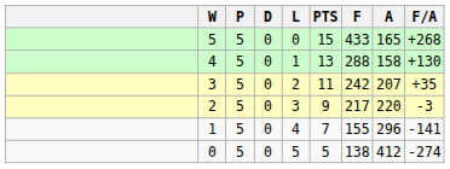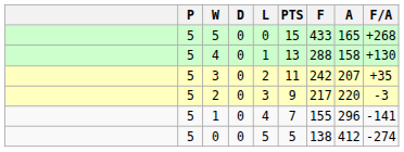 <table class=wikitable style="text-align:center">
 <tr>
 <th width=175></th>
+<th width=20>P</th>
 <th width=20>W</th>
-<th width=20>P</th>
 <th width=20>D</th>
 <th width=20>L</th>
 <th width=20>PTS</th>
 <th width=20>F</th>
 <th width=20>A</th>
 <th width=20>F/A</th>
 </tr>
 <tr style="background-color:#ccffcc;">
 <td style="text-align:left;"></td>
 <td>5</td>
 <td>5</td>
 <td>0</td>
 <td>0</td>
 <td>15</td>
 <td>433</td>
 <td>165</td>
 <td>+268</td>
 </tr>
 <tr style="background-color:#ccffcc;">
 <td style="text-align:left;"></td>
+<td>5</td>
 <td>4</td>
-<td>5</td>
 <td>0</td>
 <td>1</td>
 <td>13</td>
 <td>288</td>
 <td>158</td>
 <td>+130</td>
 </tr>
 <tr style="background:#FFFFBF;">
 <td style="text-align:left;"></td>
+<td>5</td>
 <td>3</td>
-<td>5</td>
 <td>0</td>
 <td>2</td>
 <td>11</td>
 <td>242</td>
 <td>207</td>
 <td>+35</td>
 </tr>
 <tr style="background:#FFFFBF;">
 <td style="text-align:left;"></td>
+<td>5</td>
 <td>2</td>
-<td>5</td>
 <td>0</td>
 <td>3</td>
 <td>9</td>
 <td>217</td>
 <td>220</td>
 <td>-3</td>
 </tr>
 <tr>
 <td style="text-align:left;"></td>
+<td>5</td>
 <td>1</td>
-<td>5</td>
 <td>0</td>
 <td>4</td>
 <td>7</td>
 <td>155</td>
 <td>296</td>
 <td>-141</td>
 </tr>
 <tr>
 <td style="text-align:left;"></td>
+<td>5</td>
 <td>0</td>
-<td>5</td>
 <td>0</td>
 <td>5</td>
 <td>5</td>
 <td>138</td>
 <td>412</td>
 <td>-274</td>
 </tr>
 </table>
